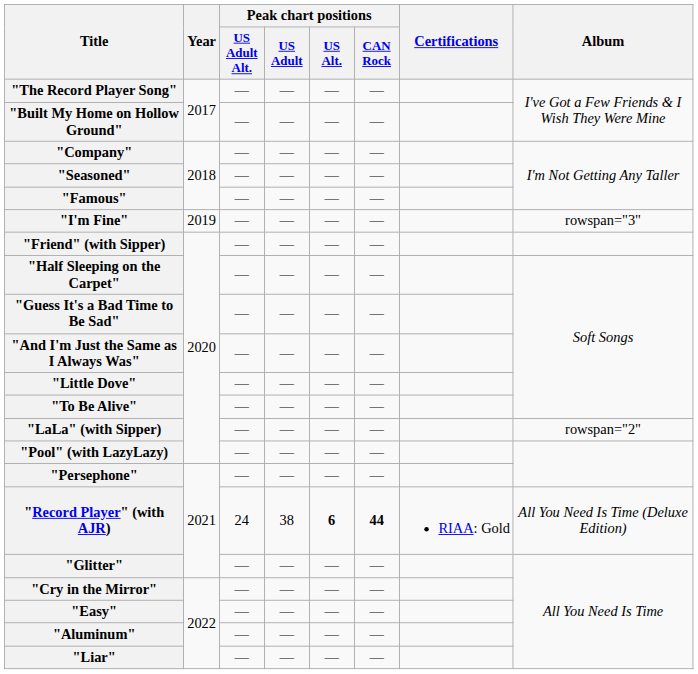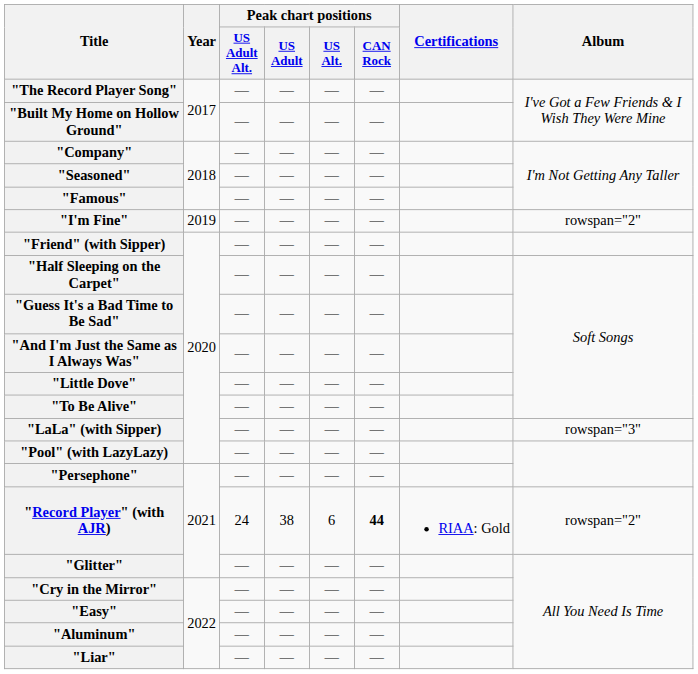 <table class="wikitable plainrowheaders" style="text-align:center;">
 <tr>
 <th scope="col" rowspan="2" style="width:12em;">Title</th>
 <th scope="col" rowspan="2" style="width:1em;">Year</th>
 <th scope="col" colspan="4">Peak chart positions</th>
 <th rowspan="2"><a href='#'>Certifications</a></th>
 <th rowspan="2" scope="col" style="width:12em;">Album</th>
 </tr>
 <tr>
 <th scope="col" style="width:3em;font-size:90%;"><a href='#'>US<br>Adult Alt.</a><br></th>
 <th scope="col" style="width:3em;font-size:90%;"><a href='#'>US<br>Adult</a><br></th>
 <th scope="col" style="width:3em;font-size:90%;"><a href='#'>US<br>Alt.</a><br></th>
 <th scope="col" style="width:3em;font-size:90%;"><a href='#'>CAN<br>Rock</a><br></th>
 </tr>
 <tr>
 <th scope="row">"The Record Player Song"</th>
 <td rowspan="2">2017</td>
 <td>—</td>
 <td>—</td>
 <td>—</td>
 <td>—</td>
 <td></td>
 <td rowspan="2"><em>I've Got a Few Friends & I Wish They Were Mine</em></td>
 </tr>
 <tr>
 <th scope="row">"Built My Home on Hollow Ground"</th>
 <td>—</td>
 <td>—</td>
 <td>—</td>
 <td>—</td>
 <td></td>
 </tr>
 <tr>
 <th scope="row">"Company"</th>
 <td rowspan="3">2018</td>
 <td>—</td>
 <td>—</td>
 <td>—</td>
 <td>—</td>
 <td></td>
 <td rowspan="3"><em>I'm Not Getting Any Taller</em></td>
 </tr>
 <tr>
 <th scope="row">"Seasoned"</th>
 <td>—</td>
 <td>—</td>
 <td>—</td>
 <td>—</td>
 <td></td>
 </tr>
 <tr>
 <th scope="row">"Famous"</th>
 <td>—</td>
 <td>—</td>
 <td>—</td>
 <td>—</td>
 <td></td>
 </tr>
 <tr>
 <th scope="row">"I'm Fine"</th>
 <td>2019</td>
 <td>—</td>
 <td>—</td>
 <td>—</td>
 <td>—</td>
 <td></td>
-<td>rowspan="3" </td>
+<td>rowspan="2" </td>
 </tr>
 <tr>
 <th scope="row">"Friend" (with Sipper)</th>
 <td rowspan="8">2020</td>
 <td>—</td>
 <td>—</td>
 <td>—</td>
 <td>—</td>
 <td></td>
 </tr>
 <tr>
 <th scope="row">"Half Sleeping on the Carpet"</th>
 <td>—</td>
 <td>—</td>
 <td>—</td>
 <td>—</td>
 <td></td>
 <td rowspan="5"><em>Soft Songs</em></td>
 </tr>
 <tr>
 <th scope="row">"Guess It's a Bad Time to Be Sad"</th>
 <td>—</td>
 <td>—</td>
 <td>—</td>
 <td>—</td>
 <td></td>
 </tr>
 <tr>
 <th scope="row">"And I'm Just the Same as I Always Was"</th>
 <td>—</td>
 <td>—</td>
 <td>—</td>
 <td>—</td>
 <td></td>
 </tr>
 <tr>
 <th scope="row">"Little Dove"</th>
 <td>—</td>
 <td>—</td>
 <td>—</td>
 <td>—</td>
 <td></td>
 </tr>
 <tr>
 <th scope="row">"To Be Alive"</th>
 <td>—</td>
 <td>—</td>
 <td>—</td>
 <td>—</td>
 <td></td>
 </tr>
 <tr>
 <th scope="row">"LaLa" (with Sipper)</th>
 <td>—</td>
 <td>—</td>
 <td>—</td>
 <td>—</td>
 <td></td>
-<td>rowspan="2" </td>
+<td>rowspan="3" </td>
 </tr>
 <tr>
 <th scope="row">"Pool" (with LazyLazy)</th>
 <td>—</td>
 <td>—</td>
 <td>—</td>
 <td>—</td>
 <td></td>
 </tr>
 <tr>
 <th scope="row">"Persephone"</th>
 <td rowspan="3">2021</td>
 <td>—</td>
 <td>—</td>
 <td>—</td>
 <td>—</td>
 <td></td>
 </tr>
 <tr>
 <th scope="row">"<a href='#'>Record Player</a>" (with <a href='#'>AJR</a>)</th>
 <td>24</td>
 <td>38</td>
-<td><strong>6</strong></td>
+<td>6</td>
 <td><strong>44</strong></td>
 <td><br><ul><li><a href='#'>RIAA</a>: Gold</li></ul></td>
-<td><em>All You Need Is Time (Deluxe Edition)</em></td>
+<td>rowspan="2" </td>
 </tr>
 <tr>
 <th scope="row">"Glitter"</th>
 <td>—</td>
 <td>—</td>
 <td>—</td>
 <td>—</td>
 <td></td>
 <td rowspan="5"><em>All You Need Is Time</em></td>
 </tr>
 <tr>
 <th scope="row">"Cry in the Mirror"</th>
 <td rowspan="4">2022</td>
 <td>—</td>
 <td>—</td>
 <td>—</td>
 <td>—</td>
 <td></td>
 </tr>
 <tr>
 <th scope="row">"Easy"</th>
 <td>—</td>
 <td>—</td>
 <td>—</td>
 <td>—</td>
 <td></td>
 </tr>
 <tr>
 <th scope="row">"Aluminum"</th>
 <td>—</td>
 <td>—</td>
 <td>—</td>
 <td>—</td>
 <td></td>
 </tr>
 <tr>
 <th scope="row">"Liar"</th>
 <td>—</td>
 <td>—</td>
 <td>—</td>
 <td>—</td>
 <td></td>
 </tr>
 </table>
